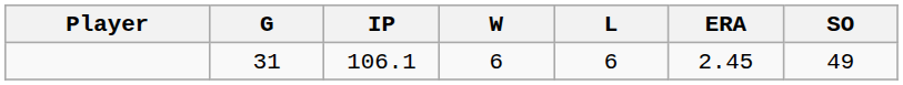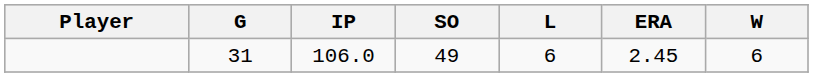 <table class="wikitable sortable">
 <tr>
 <th bgcolor="#DDDDFF" width="16%">Player</th>
 <th bgcolor="#DDDDFF" width="9%">G</th>
 <th bgcolor="#DDDDFF" width="9%">IP</th>
-<th bgcolor="#DDDDFF" width="9%">W</th>
+<th bgcolor="#DDDDFF" width="9%">SO</th>
 <th bgcolor="#DDDDFF" width="9%">L</th>
 <th bgcolor="#DDDDFF" width="9%">ERA</th>
-<th bgcolor="#DDDDFF" width="9%">SO</th>
+<th bgcolor="#DDDDFF" width="9%">W</th>
 </tr>
 <tr align="center">
 <td></td>
 <td>31</td>
-<td>106.1</td>
-<td>6</td>
+<td>106.0</td>
+<td>49</td>
 <td>6</td>
 <td>2.45</td>
-<td>49</td>
+<td>6</td>
 </tr>
 </table>
